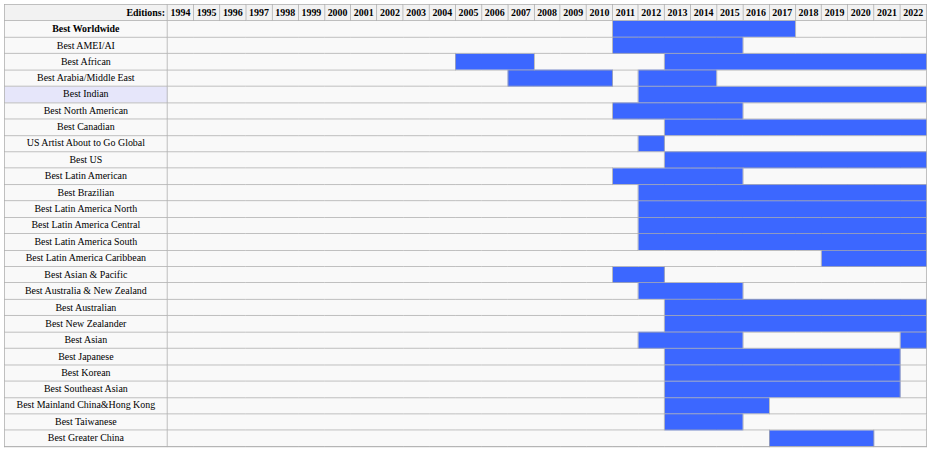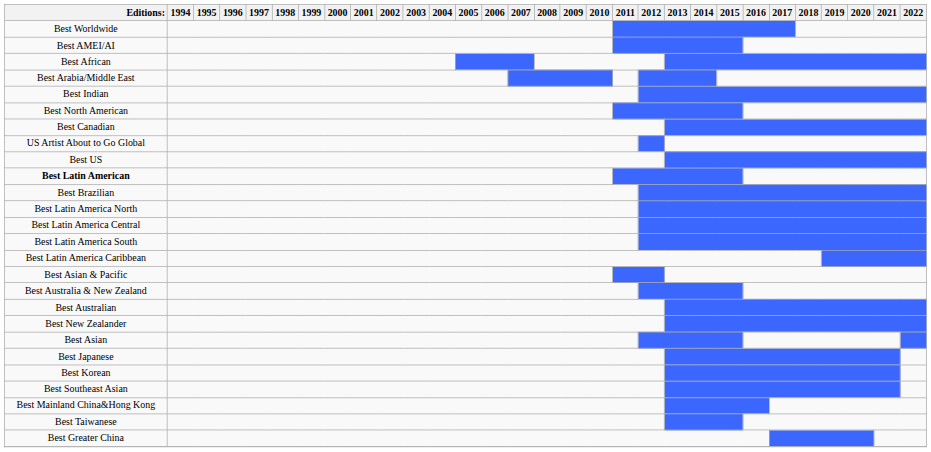 <table class="wikitable" width="100%" cellspacing="0" cellpadding="1" style="font-size:85%; text-align:center; margin:0">
 <tr style="vertical-align:top; text-align:left">
 <th style="text-align:right">Editions:</th>
 <th width="1%" style="border-left:1px solid #C7C7C7">1994</th>
 <th width="1%" style="border-left:1px solid #C7C7C7">1995</th>
 <th width="1%" style="border-left:1px solid #C7C7C7">1996</th>
 <th width="1%" style="border-left:1px solid #C7C7C7">1997</th>
 <th width="1%" style="border-left:1px solid #C7C7C7">1998</th>
 <th width="1%" style="border-left:1px solid #C7C7C7">1999</th>
 <th width="1%" style="border-left:1px solid #C7C7C7">2000</th>
 <th width="1%" style="border-left:1px solid #C7C7C7">2001</th>
 <th width="1%" style="border-left:1px solid #C7C7C7">2002</th>
 <th width="1%" style="border-left:1px solid #C7C7C7">2003</th>
 <th width="1%" style="border-left:1px solid #C7C7C7">2004</th>
 <th width="1%" style="border-left:1px solid #C7C7C7">2005</th>
 <th width="1%" style="border-left:1px solid #C7C7C7">2006</th>
 <th width="1%" style="border-left:1px solid #C7C7C7">2007</th>
 <th width="1%" style="border-left:1px solid #C7C7C7">2008</th>
 <th width="1%" style="border-left:1px solid #C7C7C7">2009</th>
 <th width="1%" style="border-left:1px solid #C7C7C7">2010</th>
 <th width="1%" style="border-left:1px solid #C7C7C7">2011</th>
 <th width="1%" style="border-left:1px solid #C7C7C7">2012</th>
 <th width="1%" style="border-left:1px solid #C7C7C7">2013</th>
 <th width="1%" style="border-left:1px solid #C7C7C7">2014</th>
 <th width="1%" style="border-left:1px solid #C7C7C7">2015</th>
 <th width="1%" style="border-left:1px solid #C7C7C7">2016</th>
 <th width="1%" style="border-left:1px solid #C7C7C7">2017</th>
 <th width="1%" style="border-left:1px solid #C7C7C7">2018</th>
 <th width="1%" style="border-left:1px solid #C7C7C7">2019</th>
 <th width="1%" style="border-left:1px solid #C7C7C7">2020</th>
 <th width="1%" style="border-left:1px solid #C7C7C7">2021</th>
 <th width="1%" style="border-left:1px solid #C7C7C7">2022</th>
 </tr>
 <tr>
-<td width="15%"><strong>Best Worldwide</strong></td>
+<td width="15%">Best Worldwide</td>
 <td colspan="17"></td>
 <td colspan="7" style="background:#3C67FF"></td>
 <td colspan="5"></td>
 </tr>
 <tr>
 <td width="15%">Best AMEI/AI</td>
 <td colspan="17"></td>
 <td colspan="5" style="background:#3C67FF"></td>
 <td colspan="7"></td>
 </tr>
 <tr>
 <td width="15%">Best African</td>
 <td colspan="11"></td>
 <td colspan="3" style="background:#3C67FF"></td>
 <td colspan="5"></td>
 <td colspan="10" style="background:#3C67FF"></td>
 </tr>
 <tr>
 <td width="15%">Best Arabia/Middle East</td>
 <td colspan="13"></td>
 <td colspan="4" style="background:#3C67FF"></td>
 <td></td>
 <td colspan="3" style="background:#3C67FF"></td>
 <td colspan="8"></td>
 </tr>
 <tr>
-<td width="15%" style="background: lavender;">Best Indian</td>
+<td width="15%">Best Indian</td>
 <td colspan="18"></td>
 <td colspan="11" style="background:#3C67FF"></td>
 </tr>
 <tr>
 <td width="15%">Best North American</td>
 <td colspan="17"></td>
 <td colspan="5" style="background:#3C67FF"></td>
 <td colspan="7"></td>
 </tr>
 <tr>
 <td width="15%">Best Canadian</td>
 <td colspan="19"></td>
 <td colspan="10" style="background:#3C67FF"></td>
 </tr>
 <tr>
 <td width="15%">US Artist About to Go Global</td>
 <td colspan="18"></td>
 <td style="background:#3C67FF"></td>
 <td colspan="10"></td>
 </tr>
 <tr>
 <td width="15%">Best US</td>
 <td colspan="19"></td>
 <td colspan="10" style="background:#3C67FF"></td>
 </tr>
 <tr>
-<td width="15%">Best Latin American</td>
+<td width="15%"><strong>Best Latin American</strong></td>
 <td colspan="17"></td>
 <td colspan="5" style="background:#3C67FF"></td>
 <td colspan="7"></td>
 </tr>
 <tr>
 <td width="15%">Best Brazilian</td>
 <td colspan="18"></td>
 <td colspan="11" style="background:#3C67FF"></td>
 </tr>
 <tr>
 <td width="15%">Best Latin America North</td>
 <td colspan="18"></td>
 <td colspan="11" style="background:#3C67FF"></td>
 </tr>
 <tr>
 <td width="15%">Best Latin America Central</td>
 <td colspan="18"></td>
 <td colspan="11" style="background:#3C67FF"></td>
 </tr>
 <tr>
 <td width="15%">Best Latin America South</td>
 <td colspan="18"></td>
 <td colspan="11" style="background:#3C67FF"></td>
 </tr>
 <tr>
 <td width="15%">Best Latin America Caribbean</td>
 <td colspan="25"></td>
 <td colspan="4" style="background:#3C67FF"></td>
 </tr>
 <tr>
 <td width="15%">Best Asian & Pacific</td>
 <td colspan="17"></td>
 <td colspan="2" style="background:#3C67FF"></td>
 <td colspan="11"></td>
 </tr>
 <tr>
 <td width="15%">Best Australia & New Zealand</td>
 <td colspan="18"></td>
 <td colspan="4" style="background:#3C67FF"></td>
 <td colspan="8"></td>
 </tr>
 <tr>
 <td width="15%">Best Australian</td>
 <td colspan="19"></td>
 <td colspan="10" style="background:#3C67FF"></td>
 </tr>
 <tr>
 <td width="15%">Best New Zealander</td>
 <td colspan="19"></td>
 <td colspan="10" style="background:#3C67FF"></td>
 </tr>
 <tr>
 <td width="15%">Best Asian</td>
 <td colspan="18"></td>
 <td colspan="4" style="background:#3C67FF"></td>
 <td colspan="6"></td>
 <td style="background:#3C67FF"></td>
 </tr>
 <tr>
 <td width="15%">Best Japanese</td>
 <td colspan="19"></td>
 <td colspan="9" style="background:#3C67FF"></td>
 <td></td>
 </tr>
 <tr>
 <td width="15%">Best Korean</td>
 <td colspan="19"></td>
 <td colspan="9" style="background:#3C67FF"></td>
 <td></td>
 </tr>
 <tr>
 <td width="15%">Best Southeast Asian</td>
 <td colspan="19"></td>
 <td colspan="9" style="background:#3C67FF"></td>
 <td></td>
 </tr>
 <tr>
 <td width="15%">Best Mainland China&Hong Kong</td>
 <td colspan="19"></td>
 <td colspan="4" style="background:#3C67FF"></td>
 <td colspan="6"></td>
 </tr>
 <tr>
 <td width="15%">Best Taiwanese</td>
 <td colspan="19"></td>
 <td colspan="3" style="background:#3C67FF"></td>
 <td colspan="7"></td>
 </tr>
 <tr>
 <td width="15%">Best Greater China</td>
 <td colspan="23"></td>
 <td colspan="4" style="background:#3C67FF"></td>
 <td colspan="2"></td>
 </tr>
 <tr>
 </tr>
 </table>
